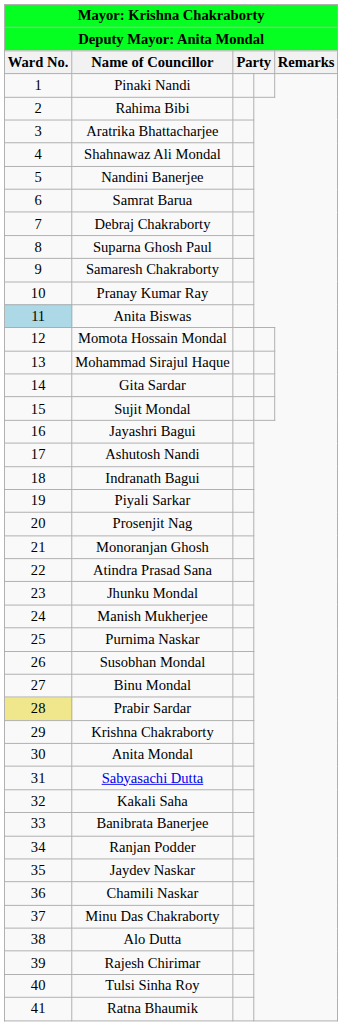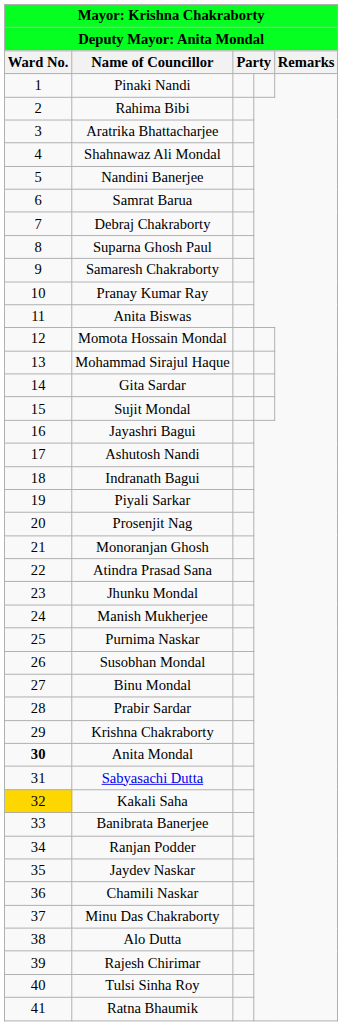 <table class="wikitable sortable" style="text-align:center;">
 <tr>
 <th style="background-color:#04FF21; color:black" coLspan=5><strong>Mayor: Krishna Chakraborty</strong></th>
 </tr>
 <tr>
 <th style="background-color:#04FF21; color:black" colspan=5><strong>Deputy Mayor: Anita Mondal</strong></th>
 </tr>
 <tr>
 <th>Ward No.</th>
 <th>Name of Councillor</th>
 <th colspan="2">Party</th>
 <th>Remarks</th>
 </tr>
 <tr>
 <td>1</td>
 <td>Pinaki Nandi</td>
 <td></td>
 <td></td>
 </tr>
 <tr>
 <td>2</td>
 <td>Rahima Bibi</td>
 <td></td>
 </tr>
 <tr>
 <td>3</td>
 <td>Aratrika Bhattacharjee</td>
 <td></td>
 </tr>
 <tr>
 <td>4</td>
 <td>Shahnawaz Ali Mondal</td>
 <td></td>
 </tr>
 <tr>
 <td>5</td>
 <td>Nandini Banerjee</td>
 <td></td>
 </tr>
 <tr>
 <td>6</td>
 <td>Samrat Barua</td>
 <td></td>
 </tr>
 <tr>
 <td>7</td>
 <td>Debraj Chakraborty</td>
 <td></td>
 </tr>
 <tr>
 <td>8</td>
 <td>Suparna Ghosh Paul</td>
 <td></td>
 </tr>
 <tr>
 <td>9</td>
 <td>Samaresh Chakraborty</td>
 <td></td>
 </tr>
 <tr>
 <td>10</td>
 <td>Pranay Kumar Ray</td>
 <td></td>
 </tr>
 <tr>
-<td style="background: lightblue;">11</td>
+<td>11</td>
 <td>Anita Biswas</td>
 <td></td>
 </tr>
 <tr>
 <td>12</td>
 <td>Momota Hossain Mondal</td>
 <td></td>
 <td></td>
 </tr>
 <tr>
 <td>13</td>
 <td>Mohammad Sirajul Haque</td>
 <td></td>
 <td></td>
 </tr>
 <tr>
 <td>14</td>
 <td>Gita Sardar</td>
 <td></td>
 <td></td>
 </tr>
 <tr>
 <td>15</td>
 <td>Sujit Mondal</td>
 <td></td>
 <td></td>
 </tr>
 <tr>
 <td>16</td>
 <td>Jayashri Bagui</td>
 <td></td>
 </tr>
 <tr>
 <td>17</td>
 <td>Ashutosh Nandi</td>
 <td></td>
 </tr>
 <tr>
 <td>18</td>
 <td>Indranath Bagui</td>
 <td></td>
 </tr>
 <tr>
 <td>19</td>
 <td>Piyali Sarkar</td>
 <td></td>
 </tr>
 <tr>
 <td>20</td>
 <td>Prosenjit Nag</td>
 <td></td>
 </tr>
 <tr>
 <td>21</td>
 <td>Monoranjan Ghosh</td>
 <td></td>
 </tr>
 <tr>
 <td>22</td>
 <td>Atindra Prasad Sana</td>
 <td></td>
 </tr>
 <tr>
 <td>23</td>
 <td>Jhunku Mondal</td>
 <td></td>
 </tr>
 <tr>
 <td>24</td>
 <td>Manish Mukherjee</td>
 <td></td>
 </tr>
 <tr>
 <td>25</td>
 <td>Purnima Naskar</td>
 <td></td>
 </tr>
 <tr>
 <td>26</td>
 <td>Susobhan Mondal</td>
 <td></td>
 </tr>
 <tr>
 <td>27</td>
 <td>Binu Mondal</td>
 <td></td>
 </tr>
 <tr>
-<td style="background: khaki;">28</td>
+<td>28</td>
 <td>Prabir Sardar</td>
 <td></td>
 </tr>
 <tr>
 <td>29</td>
 <td>Krishna Chakraborty</td>
 <td></td>
 </tr>
 <tr>
-<td>30</td>
+<td><strong>30</strong></td>
 <td>Anita Mondal</td>
 <td></td>
 </tr>
 <tr>
 <td>31</td>
 <td><a href='#'>Sabyasachi Dutta</a></td>
 <td></td>
 </tr>
 <tr>
-<td>32</td>
+<td style="background: gold;">32</td>
 <td>Kakali Saha</td>
 <td></td>
 </tr>
 <tr>
 <td>33</td>
 <td>Banibrata Banerjee</td>
 <td></td>
 </tr>
 <tr>
 <td>34</td>
 <td>Ranjan Podder</td>
 <td></td>
 </tr>
 <tr>
 <td>35</td>
 <td>Jaydev Naskar</td>
 <td></td>
 </tr>
 <tr>
 <td>36</td>
 <td>Chamili Naskar</td>
 <td></td>
 </tr>
 <tr>
 <td>37</td>
 <td>Minu Das Chakraborty</td>
 <td></td>
 </tr>
 <tr>
 <td>38</td>
 <td>Alo Dutta</td>
 <td></td>
 </tr>
 <tr>
 <td>39</td>
 <td>Rajesh Chirimar</td>
 <td></td>
 </tr>
 <tr>
 <td>40</td>
 <td>Tulsi Sinha Roy</td>
 <td></td>
 </tr>
 <tr>
 <td>41</td>
 <td>Ratna Bhaumik</td>
 <td></td>
 </tr>
 </table>
